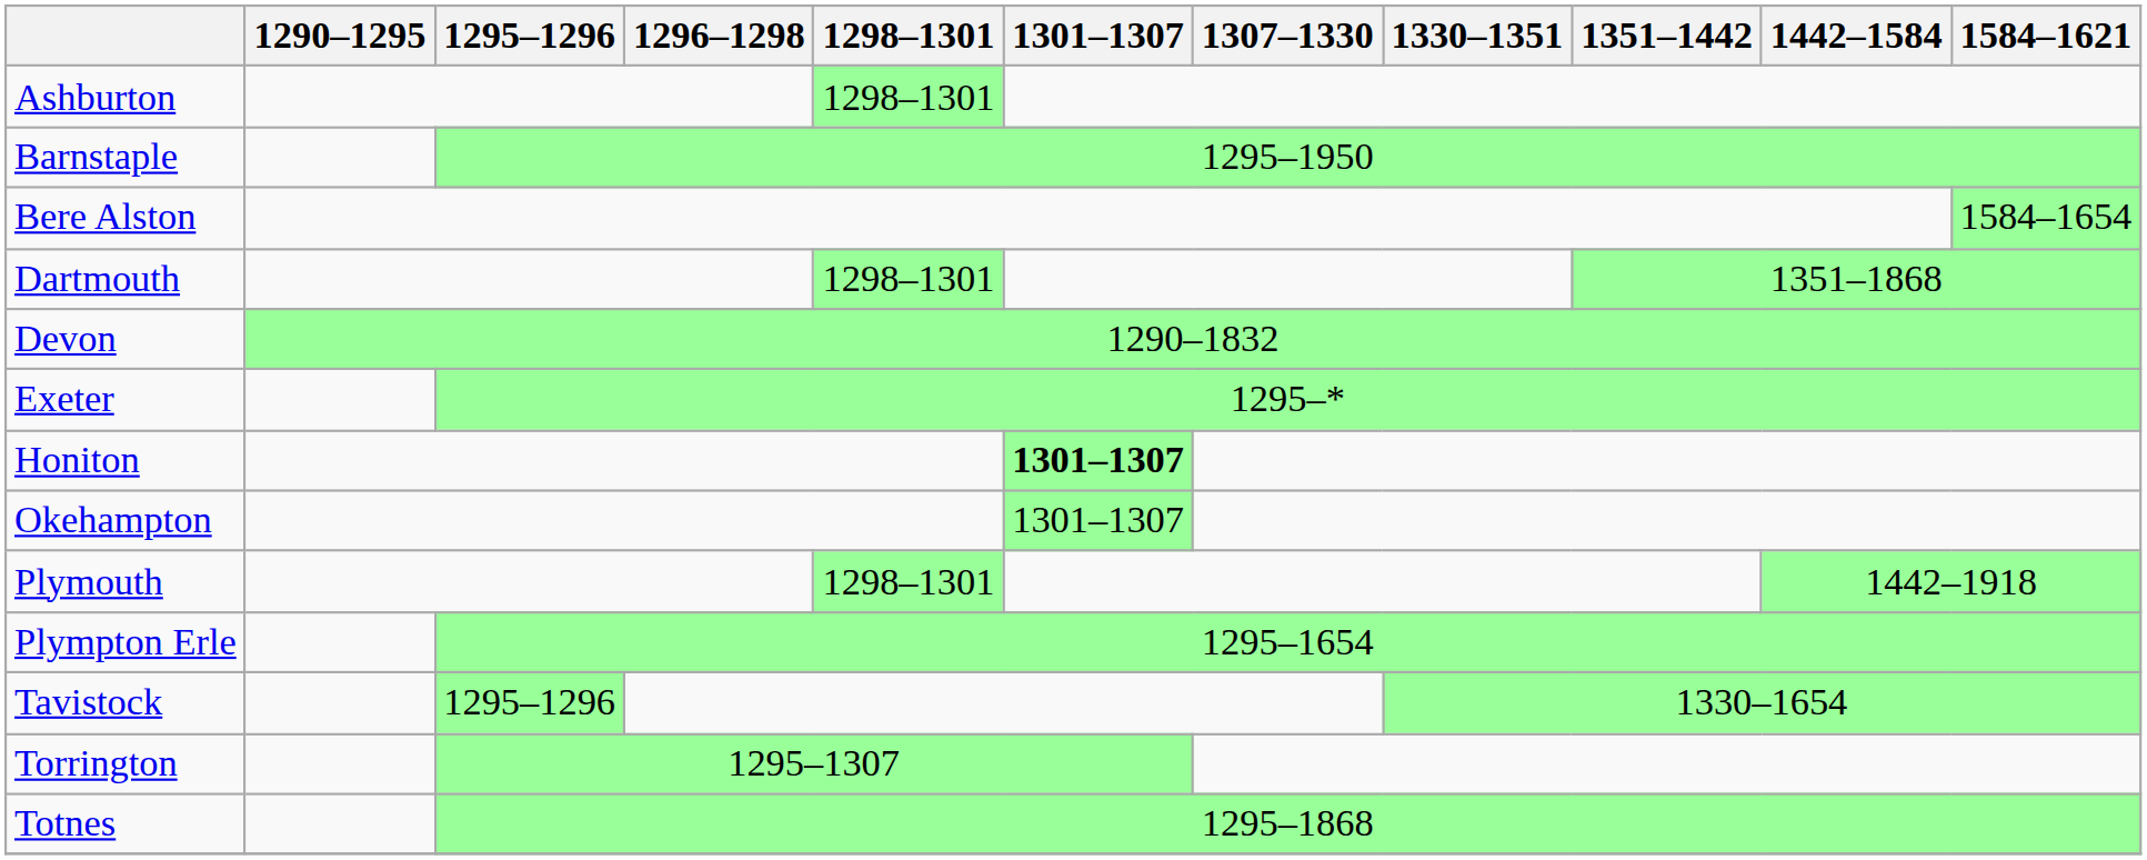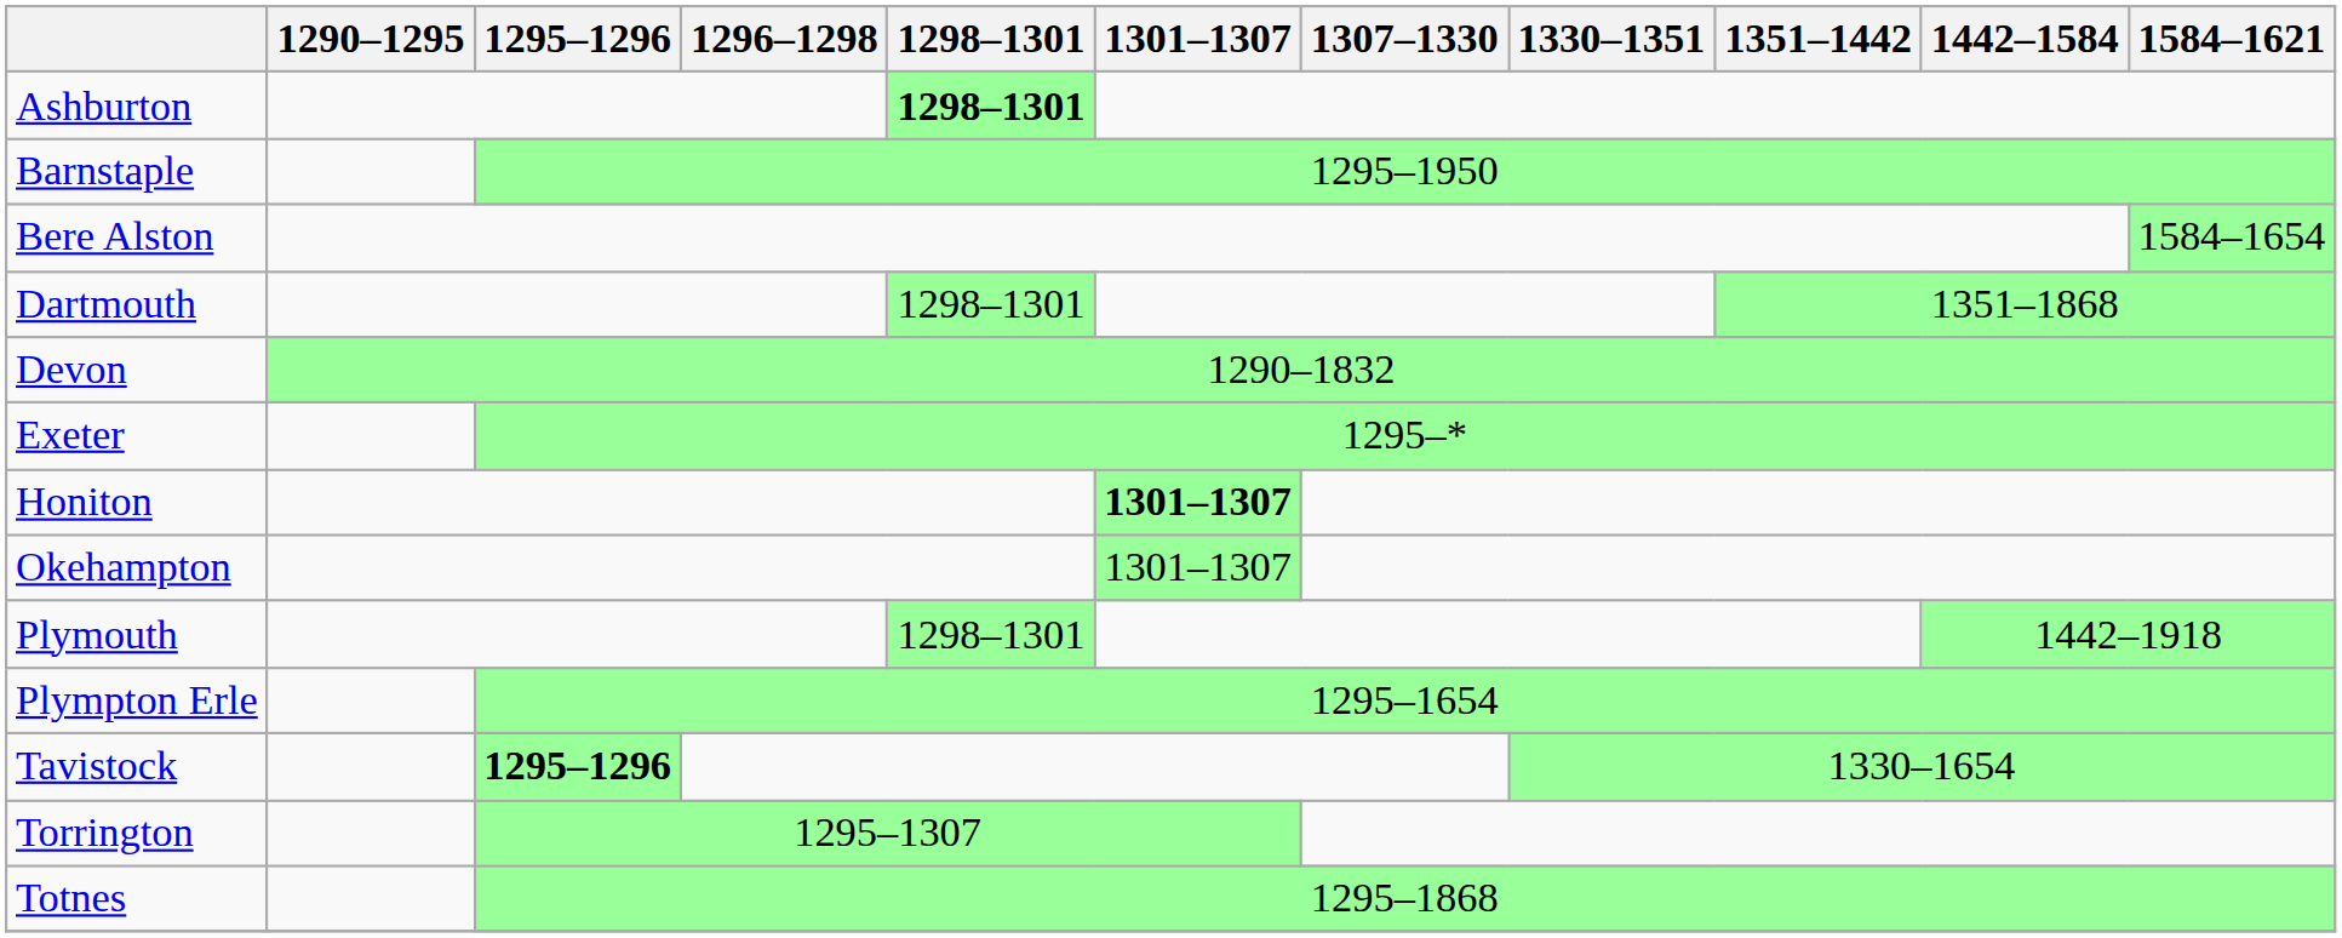 <table class="wikitable">
 <tr>
 <th> </th>
 <th>1290–1295</th>
 <th>1295–1296</th>
 <th>1296–1298</th>
 <th>1298–1301</th>
 <th>1301–1307</th>
 <th>1307–1330</th>
 <th>1330–1351</th>
 <th>1351–1442</th>
 <th>1442–1584</th>
 <th>1584–1621</th>
 </tr>
 <tr>
 <td><a href='#'>Ashburton</a></td>
 <td colspan="3"> </td>
-<td colspan="1" align="center" bgcolor="#99FF99">1298–1301</td>
+<td colspan="1" align="center" bgcolor="#99FF99"><strong>1298–1301</strong></td>
 <td colspan="6"> </td>
 </tr>
 <tr>
 <td><a href='#'>Barnstaple</a></td>
 <td colspan="1"> </td>
 <td colspan="9" align="center" bgcolor="#99FF99">1295–1950</td>
 </tr>
 <tr>
 <td><a href='#'>Bere Alston</a></td>
 <td colspan="9"> </td>
 <td colspan="1" align="center" bgcolor="#99FF99">1584–1654</td>
 </tr>
 <tr>
 <td><a href='#'>Dartmouth</a></td>
 <td colspan="3"> </td>
 <td colspan="1" align="center" bgcolor="#99FF99">1298–1301</td>
 <td colspan="3"> </td>
 <td colspan="3" align="center" bgcolor="#99FF99">1351–1868</td>
 </tr>
 <tr>
 <td><a href='#'>Devon</a></td>
 <td colspan="10" align="center" bgcolor="#99FF99">1290–1832</td>
 </tr>
 <tr>
 <td><a href='#'>Exeter</a></td>
 <td colspan="1"> </td>
 <td colspan="9" align="center" bgcolor="#99FF99">1295–*</td>
 </tr>
 <tr>
 <td><a href='#'>Honiton</a></td>
 <td colspan="4"> </td>
 <td colspan="1" align="center" bgcolor="#99FF99"><strong>1301–1307</strong></td>
 <td colspan="5"> </td>
 </tr>
 <tr>
 <td><a href='#'>Okehampton</a></td>
 <td colspan="4"> </td>
 <td colspan="1" align="center" bgcolor="#99FF99">1301–1307</td>
 <td colspan="5"> </td>
 </tr>
 <tr>
 <td><a href='#'>Plymouth</a></td>
 <td colspan="3"> </td>
 <td colspan="1" align="center" bgcolor="#99FF99">1298–1301</td>
 <td colspan="4"> </td>
 <td colspan="2" align="center" bgcolor="#99FF99">1442–1918</td>
 </tr>
 <tr>
 <td><a href='#'>Plympton Erle</a></td>
 <td colspan="1"> </td>
 <td colspan="9" align="center" bgcolor="#99FF99">1295–1654</td>
 </tr>
 <tr>
 <td><a href='#'>Tavistock</a></td>
 <td colspan="1"> </td>
-<td colspan="1" align="center" bgcolor="#99FF99">1295–1296</td>
+<td colspan="1" align="center" bgcolor="#99FF99"><strong>1295–1296</strong></td>
 <td colspan="4"> </td>
 <td colspan="4" align="center" bgcolor="#99FF99">1330–1654</td>
 </tr>
 <tr>
 <td><a href='#'>Torrington</a></td>
 <td colspan="1"> </td>
 <td colspan="4" align="center" bgcolor="#99FF99">1295–1307</td>
 <td colspan="5"> </td>
 </tr>
 <tr>
 <td><a href='#'>Totnes</a></td>
 <td colspan="1"> </td>
 <td colspan="9" align="center" bgcolor="#99FF99">1295–1868</td>
 </tr>
 <tr>
 </tr>
 </table>
